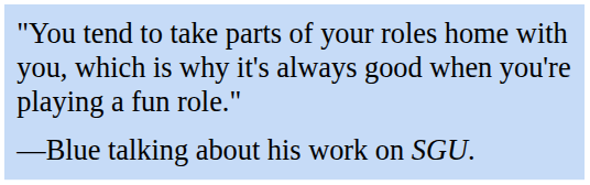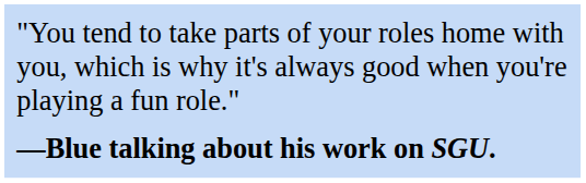 <table class="toccolours" style="float: right; margin-left: 1em; margin-right: 2em; font-size: 90%; background:#c6dbf7; color:black; width:20em; max-width: 40%;" cellspacing="5">
 <tr>
 <td style="text-align: left;">"You tend to take parts of your roles home with you, which is why it's always good when you're playing a fun role."</td>
 </tr>
 <tr>
-<td style="text-align: left;">—Blue talking about his work on <em>SGU</em>.</td>
+<td style="text-align: left;"><strong>—Blue talking about his work on <em>SGU</em>.</strong></td>
 </tr>
 </table>
